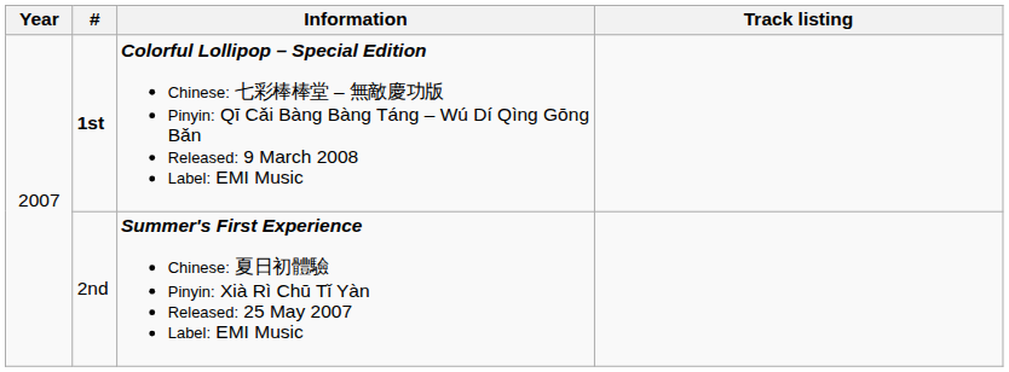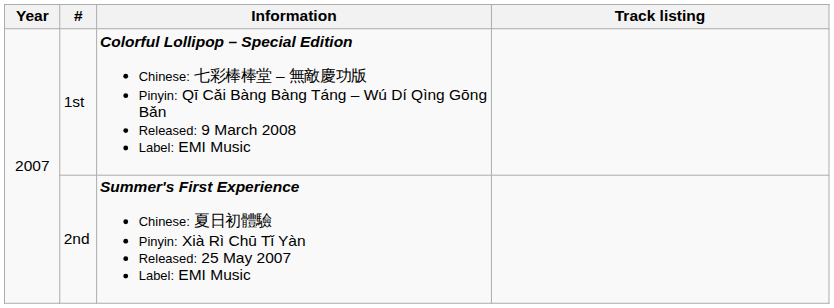 <table class="wikitable">
 <tr>
 <th style="width:50px;">Year</th>
 <th style="width:30px;">#</th>
 <th style="width:400px;">Information</th>
 <th style="width:340px;">Track listing</th>
 </tr>
 <tr>
 <td rowspan=2 style="text-align:center">2007</td>
-<td><strong>1st</strong></td>
+<td>1st</td>
 <td><strong><em>Colorful Lollipop – Special Edition</em></strong><br><ul><li><small>Chinese:</small> 七彩棒棒堂 – 無敵慶功版</li><li><small>Pinyin:</small> Qī Cǎi Bàng Bàng Táng – Wú Dí Qìng Gōng Bǎn</li><li><small>Released:</small> 9 March 2008</li><li><small>Label:</small> EMI Music</li></ul></td>
 <td style="font-size: 85%;"></td>
 </tr>
 <tr>
 <td>2nd</td>
 <td><strong><em>Summer's First Experience</em></strong><br><ul><li><small>Chinese:</small> 夏日初體驗</li><li><small>Pinyin:</small> Xià Rì Chū Tǐ Yàn</li><li><small>Released:</small> 25 May 2007</li><li><small>Label:</small> EMI Music</li></ul></td>
 <td></td>
 </tr>
 </table>
